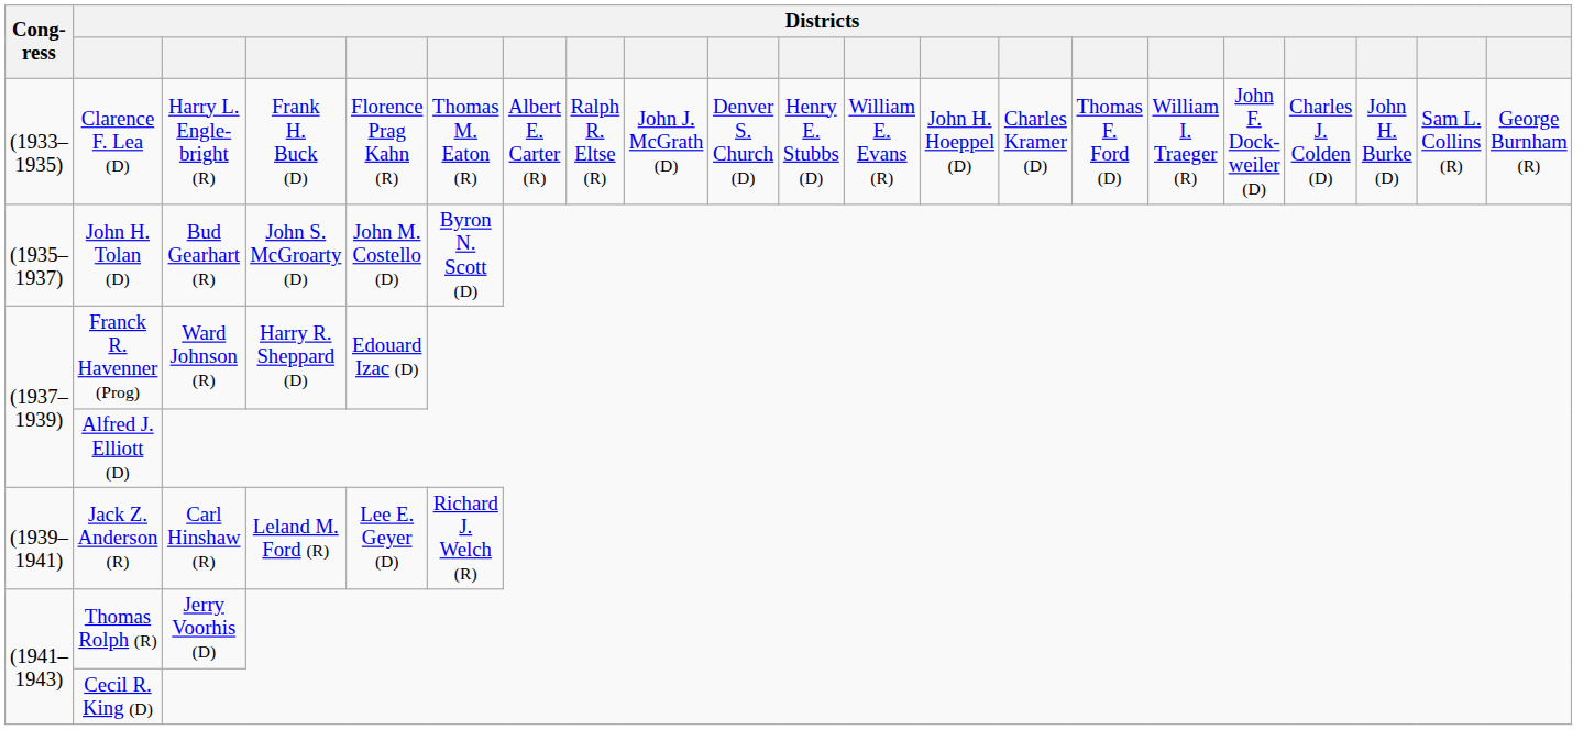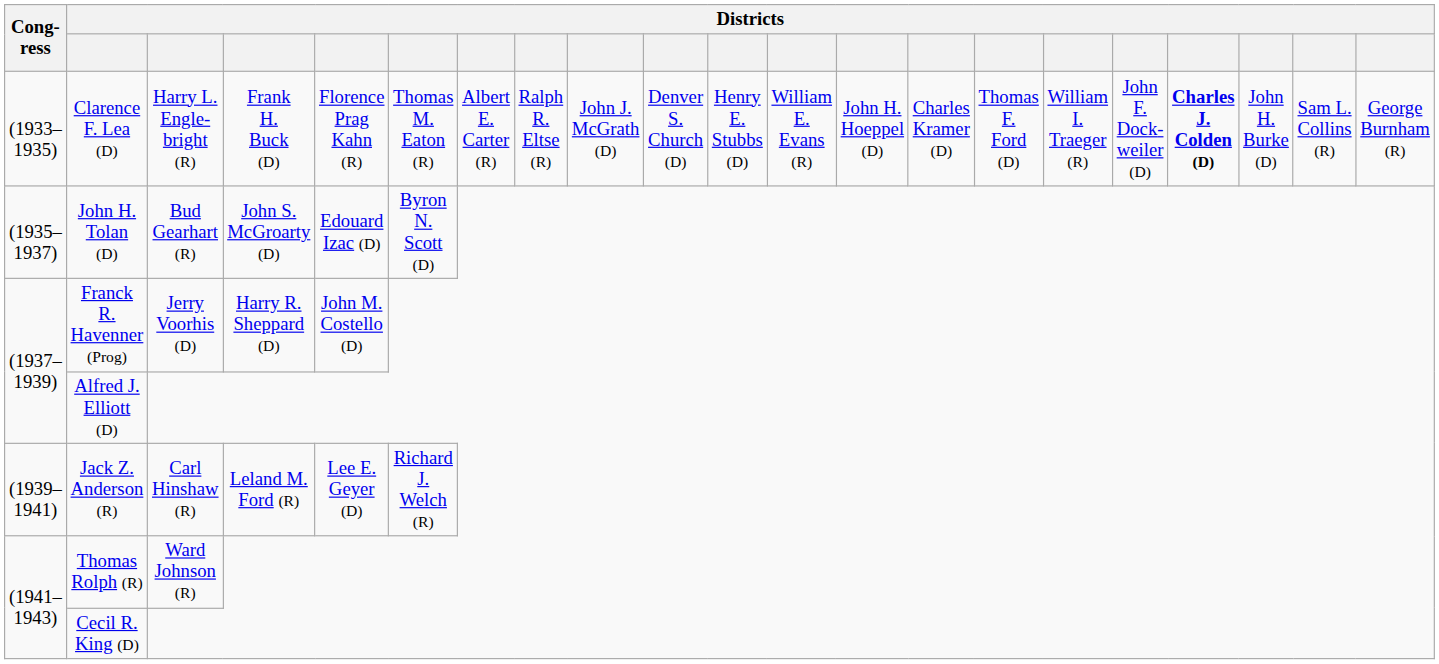 <table class=wikitable style="text-align:center">
 <tr>
 <th rowspan=2>Cong­ress</th>
 <th colspan=20>Districts</th>
 </tr>
 <tr style="height:2em">
 <th></th>
 <th></th>
 <th></th>
 <th></th>
 <th></th>
 <th></th>
 <th></th>
 <th></th>
 <th></th>
 <th></th>
 <th></th>
 <th></th>
 <th></th>
 <th></th>
 <th></th>
 <th></th>
 <th></th>
 <th></th>
 <th></th>
 <th></th>
 </tr>
 <tr style="height:3em">
 <td><strong></strong><br>(1933–1935)</td>
 <td><a href='#'>Clarence<br>F. Lea</a><br><small>(D)</small></td>
 <td><a href='#'>Harry L.<br>Engle­bright</a><br><small>(R)</small></td>
 <td><a href='#'>Frank<br>H.<br>Buck</a><br><small>(D)</small></td>
 <td><a href='#'>Florence<br>Prag<br>Kahn</a> <small>(R)</small></td>
 <td><a href='#'>Thomas M.<br>Eaton</a> <small>(R)</small></td>
 <td><a href='#'>Albert<br>E.<br>Carter</a><br><small>(R)</small></td>
 <td><a href='#'>Ralph R.<br>Eltse</a> <small>(R)</small></td>
 <td><a href='#'>John J.<br>McGrath</a><br><small>(D)</small></td>
 <td><a href='#'>Denver S.<br>Church</a> <small>(D)</small></td>
 <td><a href='#'>Henry E.<br>Stubbs</a> <small>(D)</small></td>
 <td><a href='#'>William E.<br>Evans</a> <small>(R)</small></td>
 <td><a href='#'>John H.<br>Hoeppel</a><br><small>(D)</small></td>
 <td><a href='#'>Charles<br>Kramer</a><br><small>(D)</small></td>
 <td><a href='#'>Thomas<br>F.<br>Ford</a><br><small>(D)</small></td>
 <td><a href='#'>William I.<br>Traeger</a> <small>(R)</small></td>
 <td><a href='#'>John F.<br>Dock­weiler</a><br><small>(D)</small></td>
-<td><a href='#'>Charles J.<br>Colden</a> <small>(D)</small></td>
+<td><strong><a href='#'>Charles J.<br>Colden</a> <small>(D)</small></strong></td>
 <td><a href='#'>John H.<br>Burke</a> <small>(D)</small></td>
 <td><a href='#'>Sam L.<br>Collins</a> <small>(R)</small></td>
 <td><a href='#'>George<br>Burnham</a><br><small>(R)</small></td>
 </tr>
 <tr style="height:3em">
 <td><strong></strong><br>(1935–1937)</td>
 <td><a href='#'>John H.<br>Tolan</a><br><small>(D)</small></td>
 <td><a href='#'>Bud<br>Gear­hart</a><br><small>(R)</small></td>
 <td><a href='#'>John S.<br>McGroarty</a><br><small>(D)</small></td>
-<td><a href='#'>John M.<br>Costello</a><br><small>(D)</small></td>
+<td><a href='#'>Edouard<br>Izac</a> <small>(D)</small></td>
 <td><a href='#'>Byron N.<br>Scott</a> <small>(D)</small></td>
 </tr>
 <tr style="height:3em">
 <td rowspan=2><strong></strong><br>(1937–1939)</td>
 <td><a href='#'>Franck R.<br>Havenner</a><br><small>(Prog)</small></td>
-<td><a href='#'>Ward<br>Johnson</a> <small>(R)</small></td>
+<td><a href='#'>Jerry<br>Voorhis</a><br><small>(D)</small></td>
 <td><a href='#'>Harry R.<br>Sheppard</a><br><small>(D)</small></td>
-<td><a href='#'>Edouard<br>Izac</a> <small>(D)</small></td>
+<td><a href='#'>John M.<br>Costello</a><br><small>(D)</small></td>
 </tr>
 <tr style="height:2em">
 <td><a href='#'>Alfred J.<br>Elliott</a><br><small>(D)</small></td>
 </tr>
 <tr style="height:3em">
 <td><strong></strong><br>(1939–1941)</td>
 <td><a href='#'>Jack Z.<br>Anderson</a><br><small>(R)</small></td>
 <td><a href='#'>Carl<br>Hinshaw</a><br><small>(R)</small></td>
 <td><a href='#'>Leland M.<br>Ford</a> <small>(R)</small></td>
 <td><a href='#'>Lee E.<br>Geyer</a> <small>(D)</small></td>
 <td><a href='#'>Richard<br>J.<br>Welch</a><br><small>(R)</small></td>
 </tr>
 <tr style="height:3em">
 <td rowspan=2><strong></strong><br>(1941–1943)</td>
 <td><a href='#'>Thomas<br>Rolph</a> <small>(R)</small></td>
-<td><a href='#'>Jerry<br>Voorhis</a><br><small>(D)</small></td>
+<td><a href='#'>Ward<br>Johnson</a> <small>(R)</small></td>
 </tr>
 <tr style="height:2em">
 <td><a href='#'>Cecil R. King</a> <small>(D)</small></td>
 </tr>
 </table>
